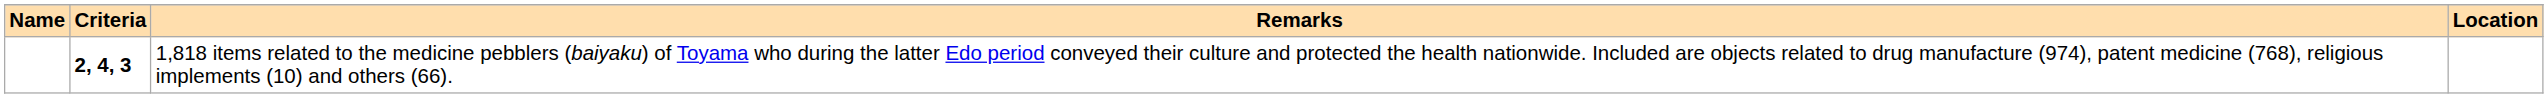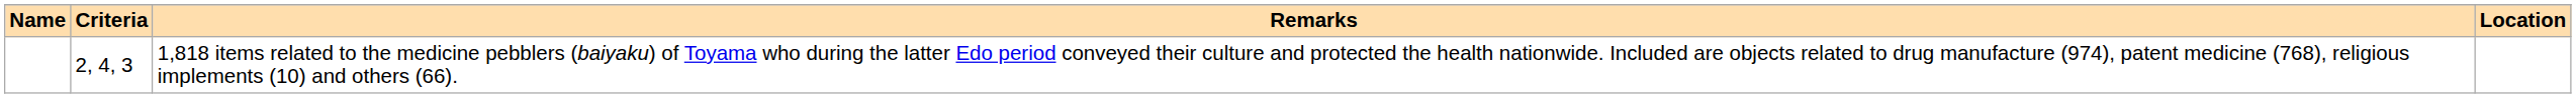 <table class="wikitable sortable" width="100%" style="background:#ffffff;">
 <tr>
 </tr>
 <tr>
 <th scope="col" align="left" style="background:#ffdead;">Name</th>
 <th scope="col" align="left" style="background:#ffdead;">Criteria</th>
 <th scope="col" align="left" style="background:#ffdead;" class="unsortable">Remarks</th>
 <th scope="col" style="background:#ffdead;">Location</th>
 </tr>
 <tr>
 <td></td>
-<td><strong>2, 4, 3</strong></td>
+<td>2, 4, 3</td>
 <td>1,818 items related to the medicine pebblers (<em>baiyaku</em>) of <a href='#'>Toyama</a> who during the latter <a href='#'>Edo period</a> conveyed their culture and protected the health nationwide. Included are objects related to drug manufacture (974), patent medicine (768), religious implements (10) and others (66).</td>
 <td></td>
 </tr>
 </table>
